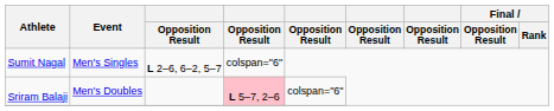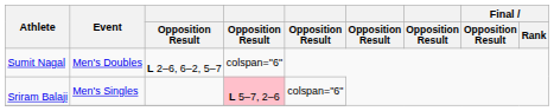 <table class="wikitable" style="font-size:90%;">
 <tr>
 <th rowspan=2>Athlete</th>
 <th rowspan=2>Event</th>
 <th></th>
 <th></th>
 <th></th>
 <th></th>
 <th></th>
 <th colspan=2>Final / </th>
 </tr>
 <tr style="font-size:95%">
 <th>Opposition<br>Result</th>
 <th>Opposition<br>Result</th>
 <th>Opposition<br>Result</th>
 <th>Opposition<br>Result</th>
 <th>Opposition<br>Result</th>
 <th>Opposition<br>Result</th>
 <th>Rank</th>
 </tr>
 <tr align=center>
 <td align=left><a href='#'>Sumit Nagal</a></td>
-<td align=left><a href='#'>Men's Singles</a></td>
+<td align=left><a href='#'>Men's Doubles</a></td>
 <td><br> <strong>L</strong> 2–6, 6–2, 5–7</td>
 <td>colspan="6" </td>
 </tr>
 <tr align=center>
 <td align=left> <br> <a href='#'>Sriram Balaji</a></td>
-<td align=left><a href='#'>Men's Doubles</a></td>
+<td align=left><a href='#'>Men's Singles</a></td>
 <td></td>
 <td style="background: pink;"> <br> <strong>L</strong> 5–7, 2–6</td>
 <td>colspan="6" </td>
 </tr>
 <tr align=center>
 </tr>
 </table>
